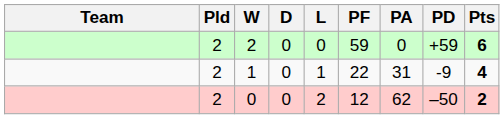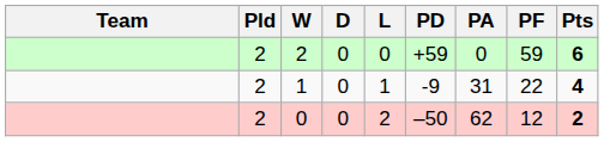 <table class="wikitable" style="text-align:center;">
 <tr>
 <th width=175>Team</th>
 <th width=25 abbr="Played">Pld</th>
 <th width=25 abbr="Won">W</th>
 <th width=25 abbr="Drawn">D</th>
 <th width=25 abbr="Lost">L</th>
+<th width=32 abbr="Points difference">PD</th>
+<th width=32 abbr="Points against">PA</th>
 <th width=32 abbr="Points for">PF</th>
-<th width=32 abbr="Points against">PA</th>
-<th width=32 abbr="Points difference">PD</th>
 <th width=25 abbr="Points">Pts</th>
 </tr>
 <tr style="background:#ccffcc">
 <td align=left></td>
 <td>2</td>
 <td>2</td>
 <td>0</td>
 <td>0</td>
+<td>+59</td>
+<td>0</td>
 <td>59</td>
-<td>0</td>
-<td>+59</td>
 <td><strong>6</strong></td>
 </tr>
 <tr>
 <td align=left></td>
 <td>2</td>
 <td>1</td>
 <td>0</td>
 <td>1</td>
+<td>-9</td>
+<td>31</td>
 <td>22</td>
-<td>31</td>
-<td>-9</td>
 <td><strong>4</strong></td>
 </tr>
 <tr style="background:#ffcccc">
 <td align=left></td>
 <td>2</td>
 <td>0</td>
 <td>0</td>
 <td>2</td>
+<td>–50</td>
+<td>62</td>
 <td>12</td>
-<td>62</td>
-<td>–50</td>
 <td><strong>2</strong></td>
 </tr>
 </table>
